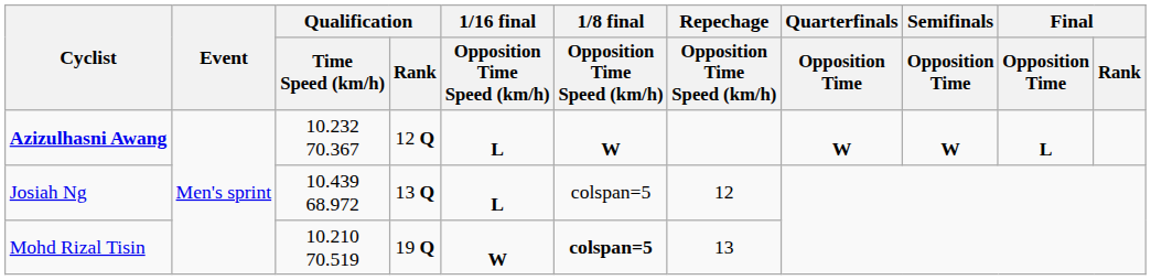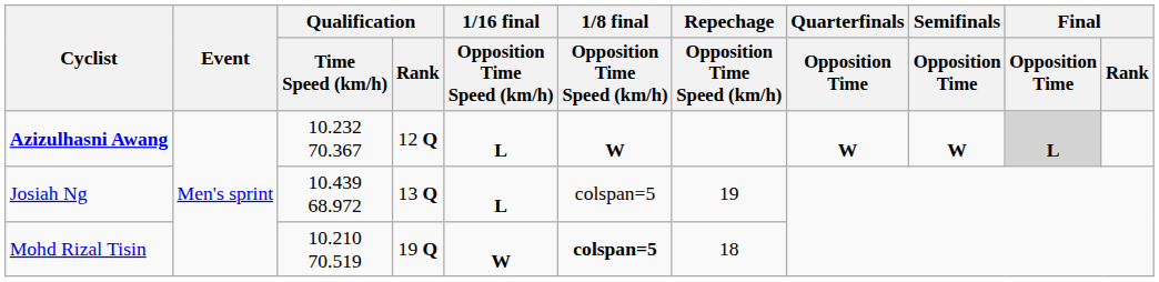 <table class="wikitable" style="font-size:90%">
 <tr>
 <th rowspan=2>Cyclist</th>
 <th rowspan=2>Event</th>
 <th colspan=2>Qualification</th>
 <th>1/16 final</th>
 <th>1/8 final</th>
 <th>Repechage</th>
 <th>Quarterfinals</th>
 <th>Semifinals</th>
 <th colspan=2>Final</th>
 </tr>
 <tr style="font-size:95%">
 <th>Time<br>Speed (km/h)</th>
 <th>Rank</th>
 <th>Opposition<br>Time<br>Speed (km/h)</th>
 <th>Opposition<br>Time<br>Speed (km/h)</th>
 <th>Opposition<br>Time<br>Speed (km/h)</th>
 <th>Opposition<br>Time</th>
 <th>Opposition<br>Time</th>
 <th>Opposition<br>Time</th>
 <th>Rank</th>
 </tr>
 <tr align=center>
 <td align=left><strong><a href='#'>Azizulhasni Awang</a></strong></td>
 <td align=left rowspan=3><a href='#'>Men's sprint</a></td>
 <td>10.232<br>70.367</td>
 <td>12 <strong>Q</strong></td>
 <td><br><strong>L</strong></td>
 <td><br><strong>W</strong></td>
 <td></td>
 <td><br><strong>W</strong></td>
 <td><br><strong>W</strong></td>
-<td><br><strong>L</strong></td>
+<td style="background: lightgrey;"><br><strong>L</strong></td>
 <td></td>
 </tr>
 <tr align=center>
 <td align=left><a href='#'>Josiah Ng</a></td>
 <td>10.439<br>68.972</td>
 <td>13 <strong>Q</strong></td>
 <td><br><strong>L</strong></td>
 <td>colspan=5 </td>
-<td>12</td>
+<td>19</td>
 </tr>
 <tr align=center>
 <td align=left><a href='#'>Mohd Rizal Tisin</a></td>
 <td>10.210<br>70.519</td>
 <td>19 <strong>Q</strong></td>
 <td><br><strong>W</strong></td>
 <td><strong>colspan=5 </strong></td>
-<td>13</td>
+<td>18</td>
 </tr>
 </table>
